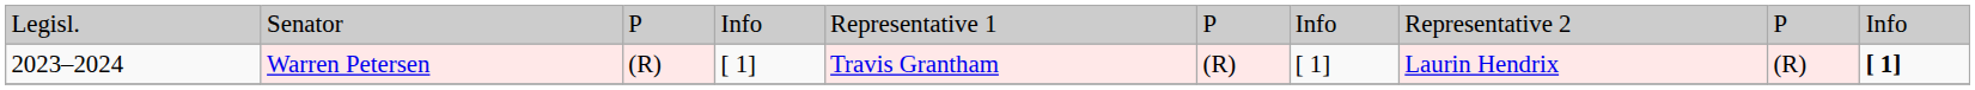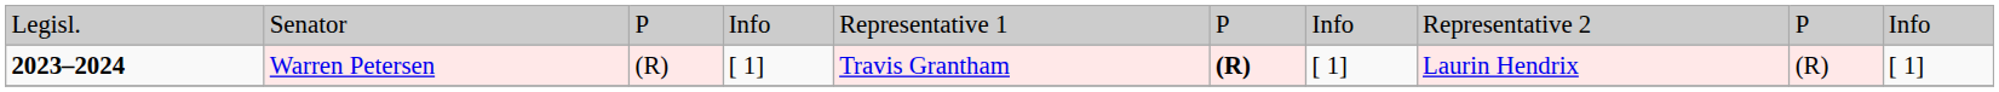 <table class=wikitable width="100%" border="1">
 <tr style="background-color:#cccccc;">
 <td>Legisl.</td>
 <td>Senator</td>
 <td>P</td>
 <td>Info</td>
 <td>Representative 1</td>
 <td>P</td>
 <td>Info</td>
 <td>Representative 2</td>
 <td>P</td>
 <td>Info</td>
 </tr>
 <tr>
-<td>2023–2024</td>
+<td><strong>2023–2024</strong></td>
 <td style="background:#FFE8E8"><a href='#'>Warren Petersen</a></td>
 <td style="background:#FFE8E8">(R)</td>
 <td>[ 1]</td>
 <td style="background:#FFE8E8"><a href='#'>Travis Grantham</a></td>
-<td style="background:#FFE8E8">(R)</td>
+<td style="background:#FFE8E8"><strong>(R)</strong></td>
 <td>[ 1]</td>
 <td style="background:#FFE8E8"><a href='#'>Laurin Hendrix</a></td>
 <td style="background:#FFE8E8">(R)</td>
-<td><strong>[ 1]</strong></td>
+<td>[ 1]</td>
 </tr>
 <tr>
 </tr>
 </table>
